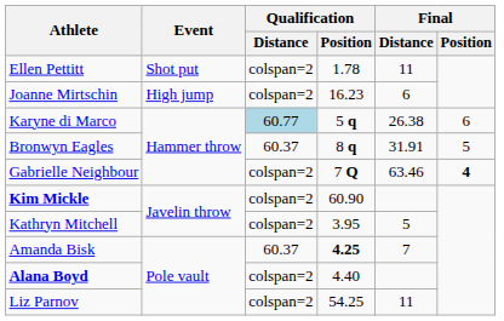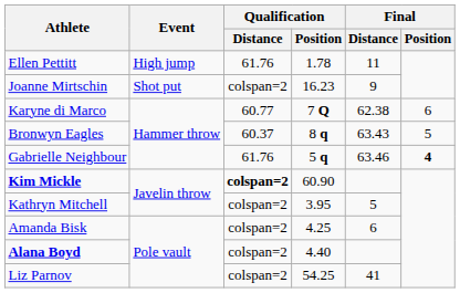 <table class=wikitable style="font-size:90%">
 <tr>
 <th rowspan="2">Athlete</th>
 <th rowspan="2">Event</th>
 <th colspan="2">Qualification</th>
 <th colspan="2">Final</th>
 </tr>
 <tr style="font-size:95%">
 <th>Distance</th>
 <th>Position</th>
 <th>Distance</th>
 <th>Position</th>
 </tr>
 <tr align=center>
 <td align=left><a href='#'>Ellen Pettitt</a></td>
-<td align=left><a href='#'>Shot put</a></td>
-<td>colspan=2 </td>
+<td align=left><a href='#'>High jump</a></td>
+<td>61.76</td>
 <td>1.78</td>
 <td>11</td>
 </tr>
 <tr align=center>
 <td align=left><a href='#'>Joanne Mirtschin</a></td>
-<td align=left><a href='#'>High jump</a></td>
+<td align=left><a href='#'>Shot put</a></td>
 <td>colspan=2 </td>
 <td>16.23</td>
-<td>6</td>
+<td>9</td>
 </tr>
 <tr align=center>
 <td align=left><a href='#'>Karyne di Marco</a></td>
 <td align=left rowspan=3><a href='#'>Hammer throw</a></td>
-<td style="background: lightblue;">60.77</td>
-<td>5 <strong>q</strong></td>
-<td>26.38</td>
+<td>60.77</td>
+<td>7 <strong>Q</strong></td>
+<td>62.38</td>
 <td>6</td>
 </tr>
 <tr align=center>
 <td align=left><a href='#'>Bronwyn Eagles</a></td>
 <td>60.37</td>
 <td>8 <strong>q</strong></td>
-<td>31.91</td>
+<td>63.43</td>
 <td>5</td>
 </tr>
 <tr align=center>
 <td align=left><a href='#'>Gabrielle Neighbour</a></td>
-<td>colspan=2 </td>
-<td>7 <strong>Q</strong></td>
+<td>61.76</td>
+<td>5 <strong>q</strong></td>
 <td>63.46</td>
 <td><strong>4</strong></td>
 </tr>
 <tr align=center>
 <td align=left><strong><a href='#'>Kim Mickle</a></strong></td>
 <td align=left rowspan=2><a href='#'>Javelin throw</a></td>
-<td>colspan=2 </td>
+<td><strong>colspan=2 </strong></td>
 <td>60.90</td>
 <td></td>
 </tr>
 <tr align=center>
 <td align=left><a href='#'>Kathryn Mitchell</a></td>
 <td>colspan=2 </td>
 <td>3.95</td>
 <td>5</td>
 </tr>
 <tr align=center>
 <td align=left><a href='#'>Amanda Bisk</a></td>
 <td align=left rowspan=3><a href='#'>Pole vault</a></td>
-<td>60.37</td>
-<td><strong>4.25</strong></td>
-<td>7</td>
+<td>colspan=2 </td>
+<td>4.25</td>
+<td>6</td>
 </tr>
 <tr align=center>
 <td align=left><strong><a href='#'>Alana Boyd</a></strong></td>
 <td>colspan=2 </td>
 <td>4.40</td>
 <td></td>
 </tr>
 <tr align=center>
 <td align=left><a href='#'>Liz Parnov</a></td>
 <td>colspan=2 </td>
 <td>54.25</td>
-<td>11</td>
+<td>41</td>
 </tr>
 </table>
